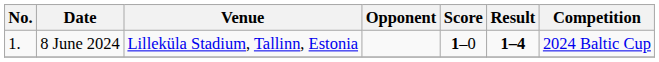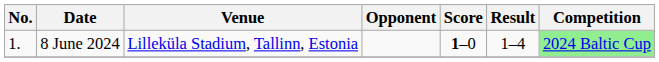 <table class="wikitable">
 <tr>
 <th>No.</th>
 <th>Date</th>
 <th>Venue</th>
 <th>Opponent</th>
 <th>Score</th>
 <th>Result</th>
 <th>Competition</th>
 </tr>
 <tr>
 <td>1.</td>
 <td>8 June 2024</td>
 <td><a href='#'>Lilleküla Stadium</a>, <a href='#'>Tallinn</a>, <a href='#'>Estonia</a></td>
 <td></td>
 <td align=center><strong>1</strong>–0</td>
-<td align=center><strong>1–4</strong></td>
-<td><a href='#'>2024 Baltic Cup</a></td>
+<td align=center>1–4</td>
+<td style="background: lightgreen;"><a href='#'>2024 Baltic Cup</a></td>
 </tr>
 <tr>
 </tr>
 </table>
